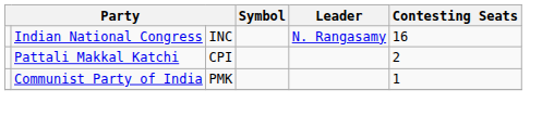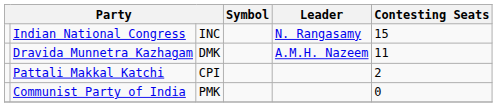 <table class="wikitable">
 <tr>
 <th colspan="3">Party</th>
 <th>Symbol</th>
 <th>Leader</th>
 <th>Contesting Seats</th>
 </tr>
 <tr>
 <td></td>
 <td><a href='#'>Indian National Congress</a></td>
 <td>INC</td>
 <td></td>
 <td><a href='#'>N. Rangasamy</a></td>
-<td>16</td>
+<td>15</td>
+</tr>
+<tr>
+<td></td>
+<td><a href='#'>Dravida Munnetra Kazhagam</a></td>
+<td>DMK</td>
+<td></td>
+<td><a href='#'>A.M.H. Nazeem</a></td>
+<td>11</td>
 </tr>
 <tr>
 <td></td>
 <td><a href='#'>Pattali Makkal Katchi</a></td>
 <td>CPI</td>
 <td></td>
 <td></td>
 <td>2</td>
 </tr>
 <tr>
 <td></td>
 <td><a href='#'>Communist Party of India</a></td>
 <td>PMK</td>
 <td></td>
 <td></td>
-<td>1</td>
+<td>0</td>
 </tr>
 <tr>
 </tr>
 </table>
